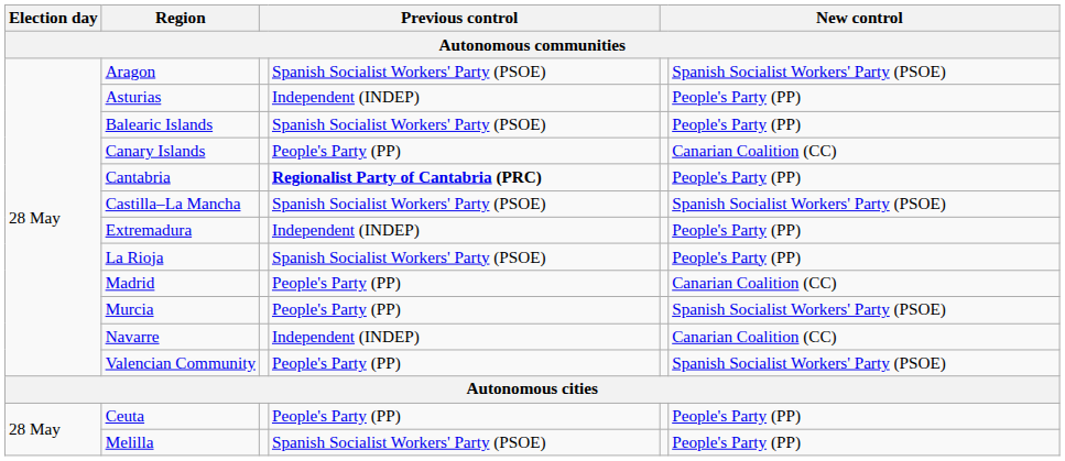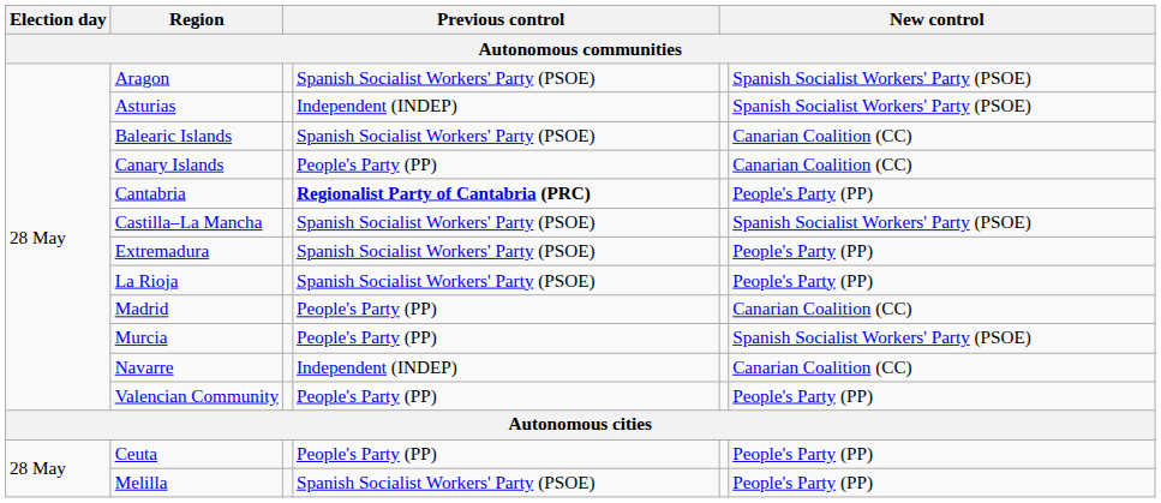 <table class="wikitable">
 <tr>
 <th>Election day</th>
 <th>Region</th>
 <th colspan="2" style="width:375px;">Previous control</th>
 <th colspan="2" style="width:375px;">New control</th>
 </tr>
 <tr>
 <th colspan="6">Autonomous communities</th>
 </tr>
 <tr>
 <td rowspan="12">28 May</td>
 <td><a href='#'>Aragon</a></td>
 <td width="1" style="color:inherit;background:"></td>
 <td><a href='#'>Spanish Socialist Workers' Party</a> (PSOE)</td>
 <td width="1" style="color:inherit;background:"></td>
 <td><a href='#'>Spanish Socialist Workers' Party</a> (PSOE)</td>
 </tr>
 <tr>
 <td><a href='#'>Asturias</a></td>
 <td style="color:inherit;background:"></td>
 <td><a href='#'>Independent</a> (INDEP)</td>
 <td style="color:inherit;background:"></td>
-<td><a href='#'>People's Party</a> (PP)</td>
+<td><a href='#'>Spanish Socialist Workers' Party</a> (PSOE)</td>
 </tr>
 <tr>
 <td><a href='#'>Balearic Islands</a></td>
 <td style="color:inherit;background:"></td>
 <td><a href='#'>Spanish Socialist Workers' Party</a> (PSOE)</td>
 <td style="color:inherit;background:"></td>
-<td><a href='#'>People's Party</a> (PP)</td>
+<td><a href='#'>Canarian Coalition</a> (CC)</td>
 </tr>
 <tr>
 <td><a href='#'>Canary Islands</a></td>
 <td style="color:inherit;background:"></td>
 <td><a href='#'>People's Party</a> (PP)</td>
 <td style="color:inherit;background:"></td>
 <td><a href='#'>Canarian Coalition</a> (CC)</td>
 </tr>
 <tr>
 <td><a href='#'>Cantabria</a></td>
 <td style="color:inherit;background:"></td>
 <td><strong><a href='#'>Regionalist Party of Cantabria</a> (PRC)</strong></td>
 <td style="color:inherit;background:"></td>
 <td><a href='#'>People's Party</a> (PP)</td>
 </tr>
 <tr>
 <td><a href='#'>Castilla–La Mancha</a></td>
 <td style="color:inherit;background:"></td>
 <td><a href='#'>Spanish Socialist Workers' Party</a> (PSOE)</td>
 <td style="color:inherit;background:"></td>
 <td><a href='#'>Spanish Socialist Workers' Party</a> (PSOE)</td>
 </tr>
 <tr>
 <td><a href='#'>Extremadura</a></td>
 <td style="color:inherit;background:"></td>
-<td><a href='#'>Independent</a> (INDEP)</td>
+<td><a href='#'>Spanish Socialist Workers' Party</a> (PSOE)</td>
 <td style="color:inherit;background:"></td>
 <td><a href='#'>People's Party</a> (PP)</td>
 </tr>
 <tr>
 <td><a href='#'>La Rioja</a></td>
 <td style="color:inherit;background:"></td>
 <td><a href='#'>Spanish Socialist Workers' Party</a> (PSOE)</td>
 <td style="color:inherit;background:"></td>
 <td><a href='#'>People's Party</a> (PP)</td>
 </tr>
 <tr>
 <td><a href='#'>Madrid</a></td>
 <td style="color:inherit;background:"></td>
 <td><a href='#'>People's Party</a> (PP)</td>
 <td style="color:inherit;background:"></td>
 <td><a href='#'>Canarian Coalition</a> (CC)</td>
 </tr>
 <tr>
 <td><a href='#'>Murcia</a></td>
 <td style="color:inherit;background:"></td>
 <td><a href='#'>People's Party</a> (PP)</td>
 <td style="color:inherit;background:"></td>
 <td><a href='#'>Spanish Socialist Workers' Party</a> (PSOE)</td>
 </tr>
 <tr>
 <td><a href='#'>Navarre</a></td>
 <td style="color:inherit;background:"></td>
 <td><a href='#'>Independent</a> (INDEP)</td>
 <td style="color:inherit;background:"></td>
 <td><a href='#'>Canarian Coalition</a> (CC)</td>
 </tr>
 <tr>
 <td><a href='#'>Valencian Community</a></td>
 <td style="color:inherit;background:"></td>
 <td><a href='#'>People's Party</a> (PP)</td>
 <td style="color:inherit;background:"></td>
-<td><a href='#'>Spanish Socialist Workers' Party</a> (PSOE)</td>
+<td><a href='#'>People's Party</a> (PP)</td>
 </tr>
 <tr>
 <th colspan="6">Autonomous cities</th>
 </tr>
 <tr>
 <td rowspan="2">28 May</td>
 <td><a href='#'>Ceuta</a></td>
 <td style="color:inherit;background:"></td>
 <td><a href='#'>People's Party</a> (PP)</td>
 <td style="color:inherit;background:"></td>
 <td><a href='#'>People's Party</a> (PP)</td>
 </tr>
 <tr>
 <td><a href='#'>Melilla</a></td>
 <td style="color:inherit;background:"></td>
 <td><a href='#'>Spanish Socialist Workers' Party</a> (PSOE)</td>
 <td style="color:inherit;background:"></td>
 <td><a href='#'>People's Party</a> (PP)</td>
 </tr>
 </table>
